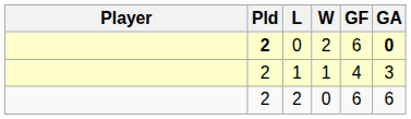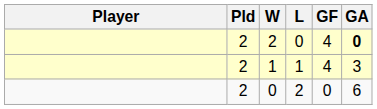 <table class=wikitable style="text-align:center">
 <tr>
 <th width=220>Player</th>
 <th width=20>Pld</th>
+<th width=20>W</th>
 <th width=20>L</th>
-<th width=20>W</th>
 <th width=20>GF</th>
 <th width=20>GA</th>
 </tr>
 <tr bgcolor=#ffffcc>
 <td align=left></td>
-<td><strong>2</strong></td>
+<td>2</td>
+<td>2</td>
 <td>0</td>
-<td>2</td>
-<td>6</td>
+<td>4</td>
 <td><strong>0</strong></td>
 </tr>
 <tr bgcolor=#ffffcc>
 <td align=left></td>
 <td>2</td>
 <td>1</td>
 <td>1</td>
 <td>4</td>
 <td>3</td>
 </tr>
 <tr>
 <td align=left></td>
 <td>2</td>
+<td>0</td>
 <td>2</td>
 <td>0</td>
 <td>6</td>
-<td>6</td>
 </tr>
 </table>
